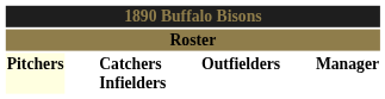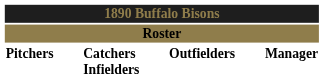 <table class="toccolours" style="font-size: 95%;">
 <tr>
 <th colspan="10" style="background-color: #1E1E1E; color: #8F7D4B; text-align: center;">1890 Buffalo Bisons</th>
 </tr>
 <tr>
 <td colspan="10" style="background-color:#8F7D4B; color: 1E1E1E; text-align: center;"><strong>Roster</strong></td>
 </tr>
 <tr>
-<td valign="top" style="background: lightyellow;"><strong>Pitchers</strong><br>          </td>
+<td valign="top"><strong>Pitchers</strong><br>          </td>
 <td width="25px"></td>
 <td valign="top"><strong>Catchers</strong><br> <strong>Infielders</strong>      </td>
 <td width="25px"></td>
 <td valign="top"><strong>Outfielders</strong><br>       </td>
 <td width="25px"></td>
 <td valign="top"><strong>Manager</strong><br> </td>
 </tr>
 </table>
